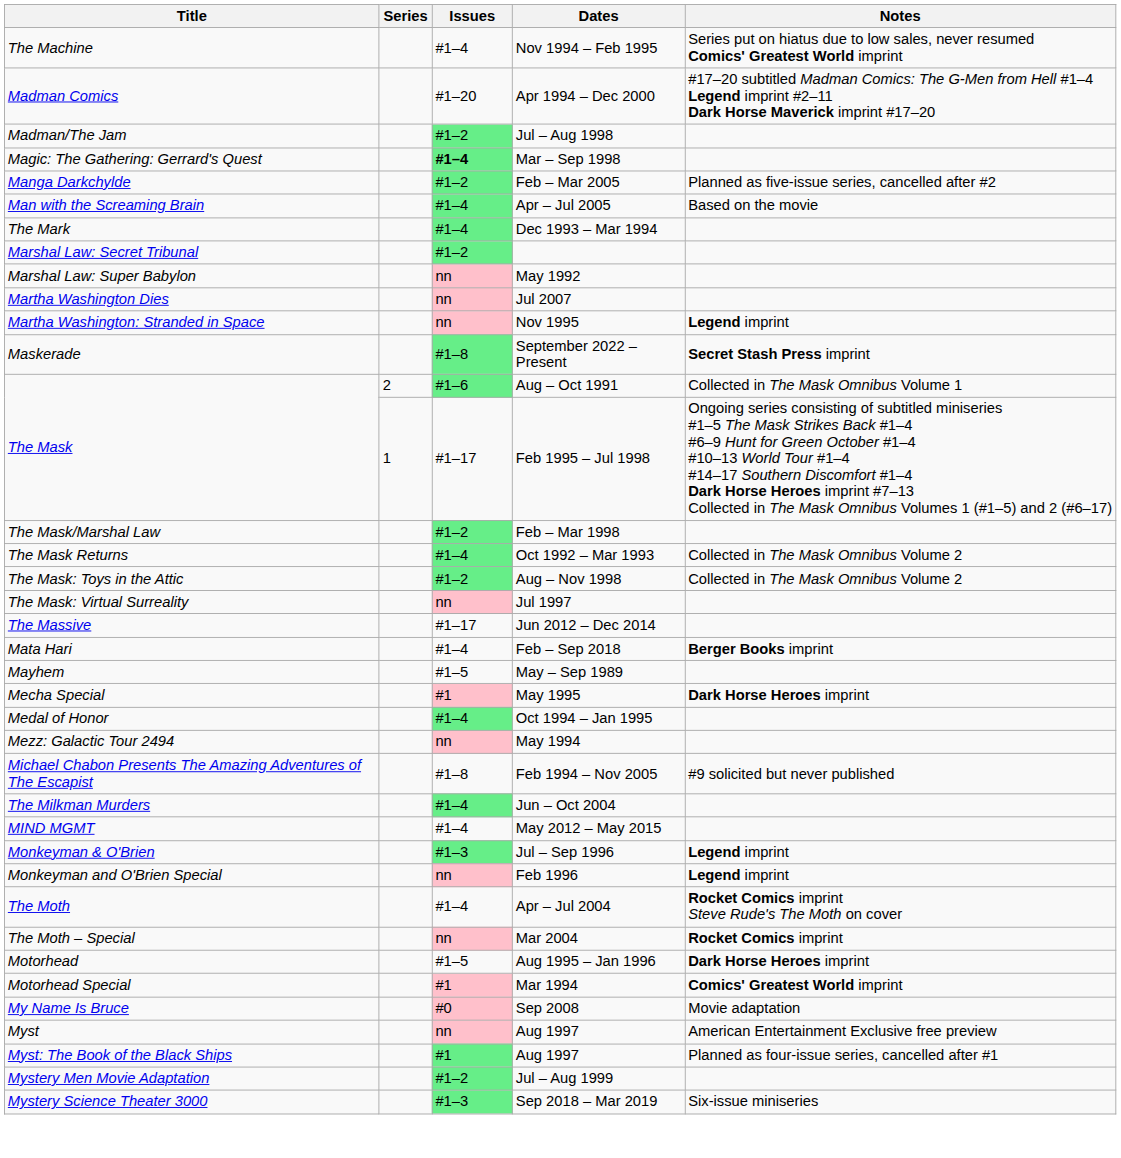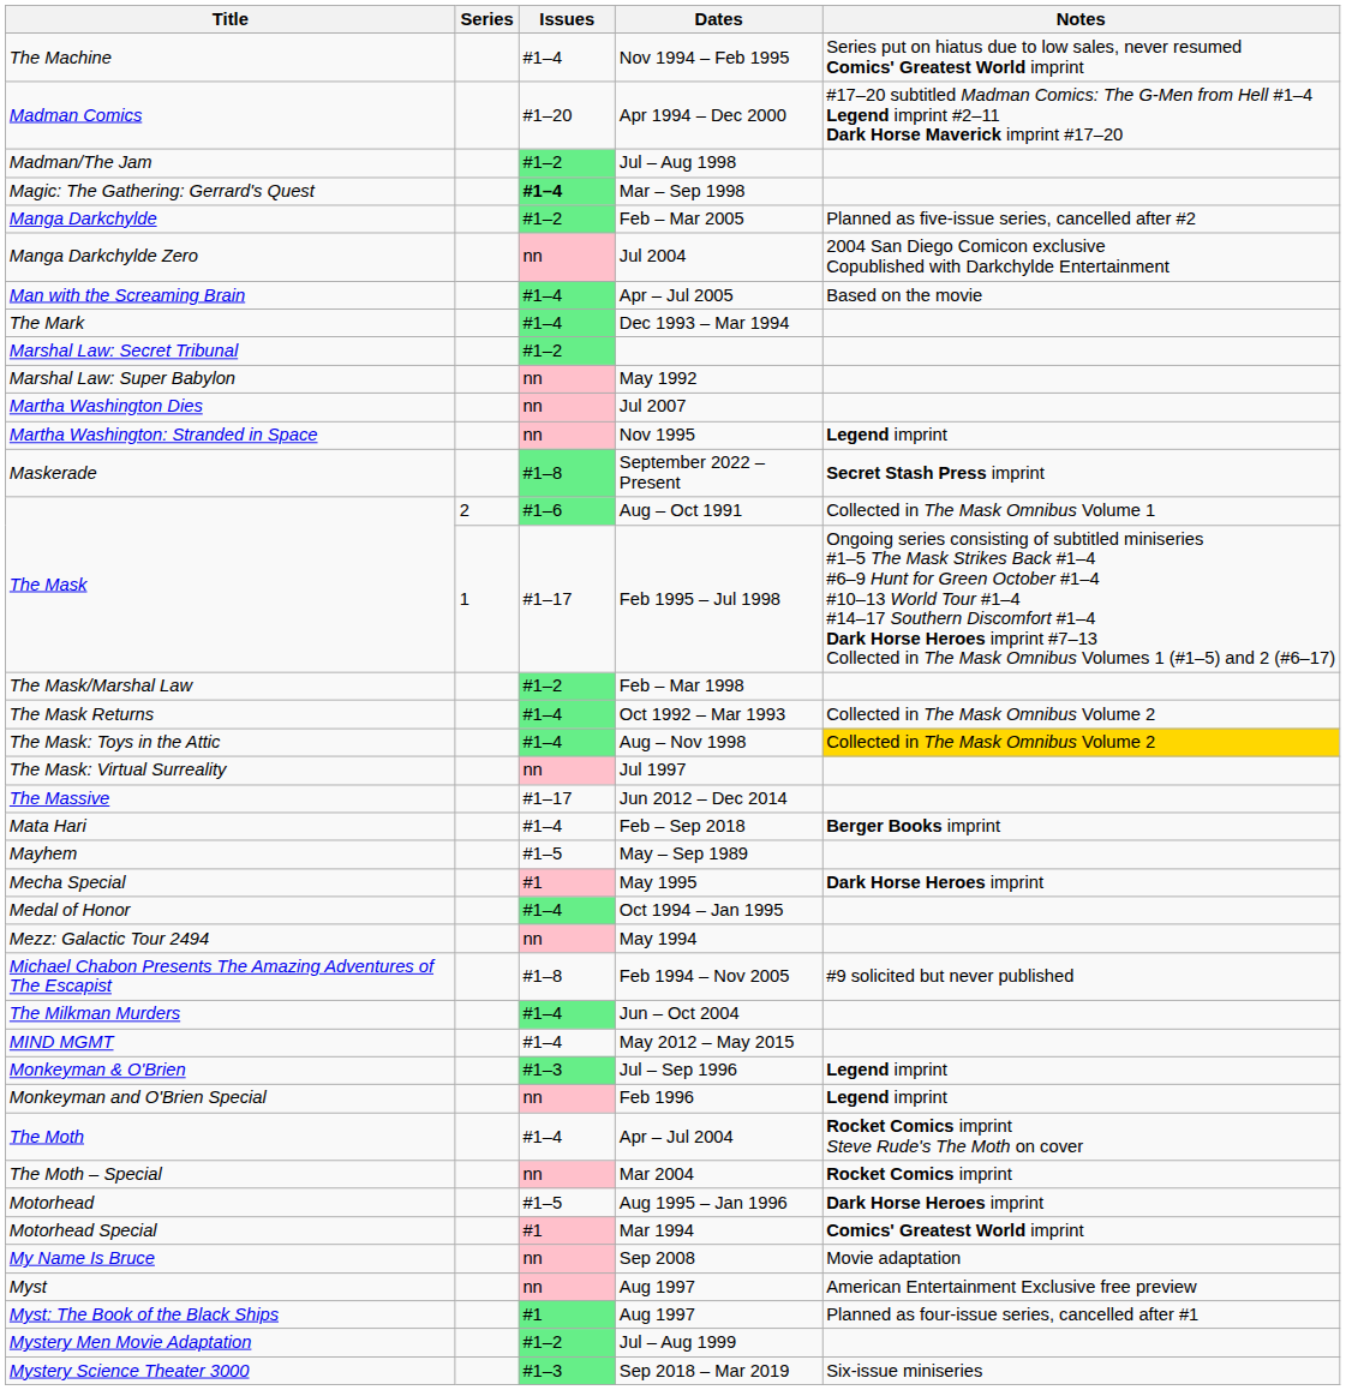 <table class="wikitable">
 <tr>
 <th scope="col" style="width: 400px;">Title</th>
 <th scope="col" style="width: 50px;">Series</th>
 <th scope="col" style="width: 80px;">Issues</th>
 <th scope="col" style="width: 180px;">Dates</th>
 <th>Notes</th>
 </tr>
 <tr>
 <td><em>The Machine</em></td>
 <td></td>
 <td>#1–4</td>
 <td>Nov 1994 – Feb 1995</td>
 <td>Series put on hiatus due to low sales, never resumed<br><strong>Comics' Greatest World</strong> imprint</td>
 </tr>
 <tr>
 <td><em><a href='#'>Madman Comics</a></em></td>
 <td></td>
 <td>#1–20</td>
 <td>Apr 1994 – Dec 2000</td>
 <td>#17–20 subtitled <em>Madman Comics: The G-Men from Hell</em> #1–4<br><strong>Legend</strong> imprint #2–11<br><strong>Dark Horse Maverick</strong> imprint #17–20</td>
 </tr>
 <tr>
 <td><em>Madman/The Jam</em></td>
 <td></td>
 <td style="background:#66EE88;">#1–2</td>
 <td>Jul – Aug 1998</td>
 <td></td>
 </tr>
 <tr>
 <td><em>Magic: The Gathering: Gerrard's Quest</em></td>
 <td></td>
 <td style="background:#66EE88;"><strong>#1–4</strong></td>
 <td>Mar – Sep 1998</td>
 <td></td>
 </tr>
 <tr>
 <td><em><a href='#'>Manga Darkchylde</a></em></td>
 <td></td>
 <td style="background:#66EE88;">#1–2</td>
 <td>Feb – Mar 2005</td>
 <td>Planned as five-issue series, cancelled after #2</td>
+</tr>
+<tr>
+<td><em>Manga Darkchylde Zero</em></td>
+<td></td>
+<td style="background:#FFC0CB;">nn</td>
+<td>Jul 2004</td>
+<td>2004 San Diego Comicon exclusive<br>Copublished with Darkchylde Entertainment</td>
 </tr>
 <tr>
 <td><em><a href='#'>Man with the Screaming Brain</a></em></td>
 <td></td>
 <td style="background:#66EE88;">#1–4</td>
 <td>Apr – Jul 2005</td>
 <td>Based on the movie</td>
 </tr>
 <tr>
 <td><em>The Mark</em></td>
 <td></td>
 <td style="background:#66EE88;">#1–4</td>
 <td>Dec 1993 – Mar 1994</td>
 <td></td>
 </tr>
 <tr>
 <td><em><a href='#'>Marshal Law: Secret Tribunal</a></em></td>
 <td></td>
 <td style="background:#66EE88;">#1–2</td>
 <td></td>
 <td></td>
 </tr>
 <tr>
 <td><em>Marshal Law: Super Babylon</em></td>
 <td></td>
 <td style="background:#FFC0CB;">nn</td>
 <td>May 1992</td>
 <td></td>
 </tr>
 <tr>
 <td><em><a href='#'>Martha Washington Dies</a></em></td>
 <td></td>
 <td style="background:#FFC0CB;">nn</td>
 <td>Jul 2007</td>
 <td></td>
 </tr>
 <tr>
 <td><em><a href='#'>Martha Washington: Stranded in Space</a></em></td>
 <td></td>
 <td style="background:#FFC0CB;">nn</td>
 <td>Nov 1995</td>
 <td><strong>Legend</strong> imprint</td>
 </tr>
 <tr>
 <td><em>Maskerade</em></td>
 <td></td>
 <td style="background:#66EE88;">#1–8</td>
 <td>September 2022 – Present</td>
 <td><strong>Secret Stash Press</strong> imprint</td>
 </tr>
 <tr>
 <td rowspan="2"><em><a href='#'>The Mask</a></em></td>
 <td>2</td>
 <td style="background:#66EE88;">#1–6</td>
 <td>Aug – Oct 1991</td>
 <td>Collected in <em>The Mask Omnibus</em> Volume 1</td>
 </tr>
 <tr>
 <td>1</td>
 <td>#1–17</td>
 <td>Feb 1995 – Jul 1998</td>
 <td>Ongoing series consisting of subtitled miniseries<br>#1–5 <em>The Mask Strikes Back</em> #1–4<br>#6–9 <em>Hunt for Green October</em> #1–4<br>#10–13 <em>World Tour</em> #1–4<br>#14–17 <em>Southern Discomfort</em> #1–4<br><strong>Dark Horse Heroes</strong> imprint #7–13<br>Collected in <em>The Mask Omnibus</em> Volumes 1 (#1–5) and 2 (#6–17)</td>
 </tr>
 <tr>
 <td><em>The Mask/Marshal Law</em></td>
 <td></td>
 <td style="background:#66EE88;">#1–2</td>
 <td>Feb – Mar 1998</td>
 <td></td>
 </tr>
 <tr>
 <td><em>The Mask Returns</em></td>
 <td></td>
 <td style="background:#66EE88;">#1–4</td>
 <td>Oct 1992 – Mar 1993</td>
 <td>Collected in <em>The Mask Omnibus</em> Volume 2</td>
 </tr>
 <tr>
 <td><em>The Mask: Toys in the Attic</em></td>
 <td></td>
-<td style="background:#66EE88;">#1–2</td>
+<td style="background:#66EE88;">#1–4</td>
 <td>Aug – Nov 1998</td>
-<td>Collected in <em>The Mask Omnibus</em> Volume 2</td>
+<td style="background: gold;">Collected in <em>The Mask Omnibus</em> Volume 2</td>
 </tr>
 <tr>
 <td><em>The Mask: Virtual Surreality</em></td>
 <td></td>
 <td style="background:#FFC0CB;">nn</td>
 <td>Jul 1997</td>
 <td></td>
 </tr>
 <tr>
 <td><em><a href='#'>The Massive</a></em></td>
 <td></td>
 <td>#1–17</td>
 <td>Jun 2012 – Dec 2014</td>
 <td></td>
 </tr>
 <tr>
 <td><em>Mata Hari</em></td>
 <td></td>
 <td>#1–4</td>
 <td>Feb – Sep 2018</td>
 <td><strong>Berger Books</strong> imprint</td>
 </tr>
 <tr>
 <td><em>Mayhem</em></td>
 <td></td>
 <td>#1–5</td>
 <td>May – Sep 1989</td>
 <td></td>
 </tr>
 <tr>
 <td><em>Mecha Special</em></td>
 <td></td>
 <td style="background:#FFC0CB;">#1</td>
 <td>May 1995</td>
 <td><strong>Dark Horse Heroes</strong> imprint</td>
 </tr>
 <tr>
 <td><em>Medal of Honor</em></td>
 <td></td>
 <td style="background:#66EE88;">#1–4</td>
 <td>Oct 1994 – Jan 1995</td>
 <td></td>
 </tr>
 <tr>
 <td><em>Mezz: Galactic Tour 2494</em></td>
 <td></td>
 <td style="background:#FFC0CB;">nn</td>
 <td>May 1994</td>
 <td></td>
 </tr>
 <tr>
 <td><em><a href='#'>Michael Chabon Presents The Amazing Adventures of The Escapist</a></em></td>
 <td></td>
 <td>#1–8</td>
 <td>Feb 1994 – Nov 2005</td>
 <td>#9 solicited but never published</td>
 </tr>
 <tr>
 <td><em><a href='#'>The Milkman Murders</a></em></td>
 <td></td>
 <td style="background:#66EE88;">#1–4</td>
 <td>Jun – Oct 2004</td>
 <td></td>
 </tr>
 <tr>
 <td><em><a href='#'>MIND MGMT</a></em></td>
 <td></td>
 <td>#1–4</td>
 <td>May 2012 – May 2015</td>
 <td></td>
 </tr>
 <tr>
 <td><em><a href='#'>Monkeyman & O'Brien</a></em></td>
 <td></td>
 <td style="background:#66EE88;">#1–3</td>
 <td>Jul – Sep 1996</td>
 <td><strong>Legend</strong> imprint</td>
 </tr>
 <tr>
 <td><em>Monkeyman and O'Brien Special</em></td>
 <td></td>
 <td style="background:#FFC0CB;">nn</td>
 <td>Feb 1996</td>
 <td><strong>Legend</strong> imprint</td>
 </tr>
 <tr>
 <td><em><a href='#'>The Moth</a></em></td>
 <td></td>
 <td>#1–4</td>
 <td>Apr – Jul 2004</td>
 <td><strong>Rocket Comics</strong> imprint<br><em>Steve Rude's The Moth</em> on cover</td>
 </tr>
 <tr>
 <td><em>The Moth – Special</em></td>
 <td></td>
 <td style="background:#FFC0CB;">nn</td>
 <td>Mar 2004</td>
 <td><strong>Rocket Comics</strong> imprint</td>
 </tr>
 <tr>
 <td><em>Motorhead</em></td>
 <td></td>
 <td>#1–5</td>
 <td>Aug 1995 – Jan 1996</td>
 <td><strong>Dark Horse Heroes</strong> imprint</td>
 </tr>
 <tr>
 <td><em>Motorhead Special</em></td>
 <td></td>
 <td style="background:#FFC0CB;">#1</td>
 <td>Mar 1994</td>
 <td><strong>Comics' Greatest World</strong> imprint</td>
 </tr>
 <tr>
 <td><em><a href='#'>My Name Is Bruce</a></em></td>
 <td></td>
-<td style="background:#FFC0CB;">#0</td>
+<td style="background:#FFC0CB;">nn</td>
 <td>Sep 2008</td>
 <td>Movie adaptation</td>
 </tr>
 <tr>
 <td><em>Myst</em></td>
 <td></td>
 <td style="background:#FFC0CB;">nn</td>
 <td>Aug 1997</td>
 <td>American Entertainment Exclusive free preview</td>
 </tr>
 <tr>
 <td><em><a href='#'>Myst: The Book of the Black Ships</a></em></td>
 <td></td>
 <td style="background:#66EE88;">#1</td>
 <td>Aug 1997</td>
 <td>Planned as four-issue series, cancelled after #1</td>
 </tr>
 <tr>
 <td><em><a href='#'>Mystery Men Movie Adaptation</a></em></td>
 <td></td>
 <td style="background:#66EE88;">#1–2</td>
 <td>Jul – Aug 1999</td>
 <td></td>
 </tr>
 <tr>
 <td><em><a href='#'>Mystery Science Theater 3000</a></em></td>
 <td></td>
 <td style="background:#66EE88;">#1–3</td>
 <td>Sep 2018 – Mar 2019</td>
 <td>Six-issue miniseries</td>
 </tr>
 </table>
